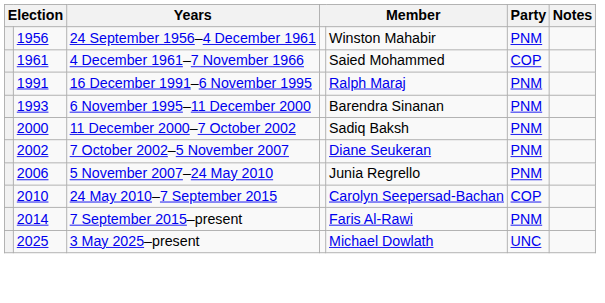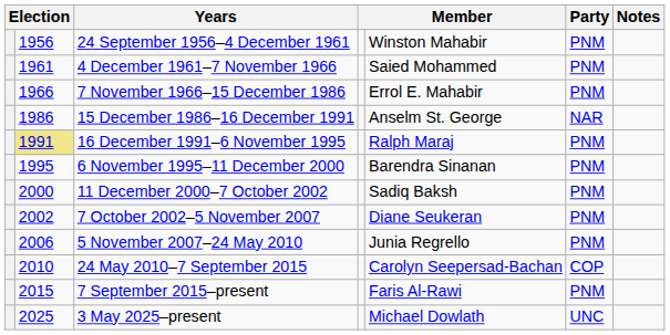 <table class="wikitable sortable" style="valign:top">
 <tr>
 <th colspan="2">Election</th>
 <th>Years</th>
 <th colspan="2">Member</th>
 <th>Party</th>
 <th>Notes</th>
 </tr>
 <tr>
 <th style="background-color: "></th>
 <td><a href='#'>1956</a></td>
 <td><a href='#'>24 September 1956</a>–<a href='#'>4 December 1961</a></td>
 <td></td>
 <td>Winston Mahabir</td>
 <td><a href='#'>PNM</a></td>
 <td></td>
 </tr>
 <tr>
 <th style="background-color: "></th>
 <td><a href='#'>1961</a></td>
 <td><a href='#'>4 December 1961</a>–<a href='#'>7 November 1966</a></td>
 <td></td>
 <td>Saied Mohammed</td>
-<td><a href='#'>COP</a></td>
+<td><a href='#'>PNM</a></td>
 <td></td>
 </tr>
 <tr>
 <th style="background-color: "></th>
-<td><a href='#'>1991</a></td>
+<td><a href='#'>1966</a></td>
+<td><a href='#'>7 November 1966</a>–<a href='#'>15 December 1986</a></td>
+<td></td>
+<td>Errol E. Mahabir</td>
+<td><a href='#'>PNM</a></td>
+<td></td>
+</tr>
+<tr>
+<th style="background-color: "></th>
+<td><a href='#'>1986</a></td>
+<td><a href='#'>15 December 1986</a>–<a href='#'>16 December 1991</a></td>
+<td></td>
+<td>Anselm St. George</td>
+<td><a href='#'>NAR</a></td>
+<td></td>
+</tr>
+<tr>
+<th style="background-color: "></th>
+<td style="background: khaki;"><a href='#'>1991</a></td>
 <td><a href='#'>16 December 1991</a>–<a href='#'>6 November 1995</a></td>
 <td></td>
 <td><a href='#'>Ralph Maraj</a></td>
 <td><a href='#'>PNM</a></td>
 <td></td>
 </tr>
 <tr>
 <th style="background-color: "></th>
-<td><a href='#'>1993</a></td>
+<td><a href='#'>1995</a></td>
 <td><a href='#'>6 November 1995</a>–<a href='#'>11 December 2000</a></td>
 <td></td>
 <td>Barendra Sinanan</td>
 <td><a href='#'>PNM</a></td>
 <td></td>
 </tr>
 <tr>
 <th style="background-color: "></th>
 <td><a href='#'>2000</a></td>
 <td><a href='#'>11 December 2000</a>–<a href='#'>7 October 2002</a></td>
 <td></td>
 <td>Sadiq Baksh</td>
 <td><a href='#'>PNM</a></td>
 <td></td>
 </tr>
 <tr>
 <th style="background-color: "></th>
 <td><a href='#'>2002</a></td>
 <td><a href='#'>7 October 2002</a>–<a href='#'>5 November 2007</a></td>
 <td></td>
 <td><a href='#'>Diane Seukeran</a></td>
 <td><a href='#'>PNM</a></td>
 <td></td>
 </tr>
 <tr>
 <th style="background-color: "></th>
 <td><a href='#'>2006</a></td>
 <td><a href='#'>5 November 2007</a>–<a href='#'>24 May 2010</a></td>
 <td></td>
 <td>Junia Regrello</td>
 <td><a href='#'>PNM</a></td>
 <td></td>
 </tr>
 <tr>
 <th style="background-color: "></th>
 <td><a href='#'>2010</a></td>
 <td><a href='#'>24 May 2010</a>–<a href='#'>7 September 2015</a></td>
 <td></td>
 <td><a href='#'>Carolyn Seepersad-Bachan</a></td>
 <td><a href='#'>COP</a></td>
 <td></td>
 </tr>
 <tr>
 <th style="background-color: "></th>
-<td><a href='#'>2014</a></td>
+<td><a href='#'>2015</a></td>
 <td><a href='#'>7 September 2015</a>–present</td>
 <td></td>
 <td><a href='#'>Faris Al-Rawi</a></td>
 <td><a href='#'>PNM</a></td>
 <td></td>
 </tr>
 <tr>
 <th style="background-color: "></th>
 <td><a href='#'>2025</a></td>
 <td><a href='#'>3 May 2025</a>–present</td>
 <td></td>
 <td><a href='#'>Michael Dowlath</a></td>
 <td><a href='#'>UNC</a></td>
 <td></td>
 </tr>
 </table>
